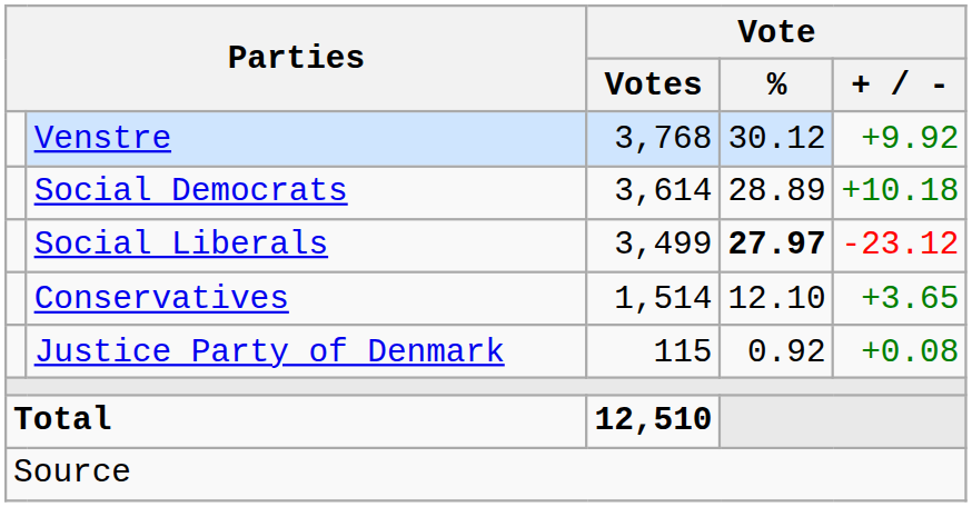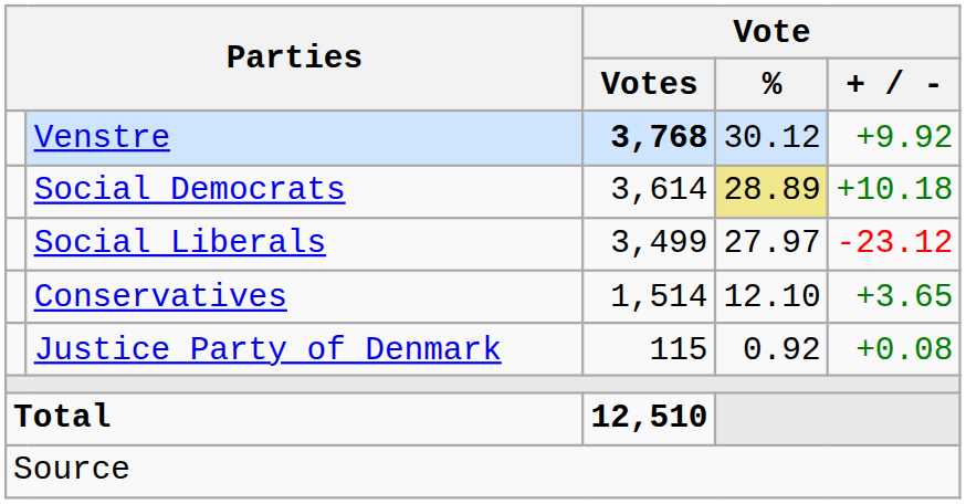 <table class="wikitable" style="text-align:right;">
 <tr>
 <th style="text-align:centre;" rowspan="2" colspan="2" width="225">Parties</th>
 <th colspan="3">Vote</th>
 </tr>
 <tr>
 <th width="15">Votes</th>
 <th width="15">%</th>
 <th width="15">+ / -</th>
 </tr>
 <tr>
 <td width="2" style="color:inherit;background:"></td>
 <td bgcolor=#cfe5fe  align="left"><a href='#'>Venstre</a></td>
-<td bgcolor=#cfe5fe>3,768</td>
+<td bgcolor=#cfe5fe><strong>3,768</strong></td>
 <td bgcolor=#cfe5fe>30.12</td>
 <td style=color:green;>+9.92</td>
 </tr>
 <tr>
 <td width="2" style="color:inherit;background:"></td>
 <td align="left"><a href='#'>Social Democrats</a></td>
 <td>3,614</td>
-<td>28.89</td>
+<td style="background: khaki;">28.89</td>
 <td style=color:green;>+10.18</td>
 </tr>
 <tr>
 <td width="2" style="color:inherit;background:"></td>
 <td align="left"><a href='#'>Social Liberals</a></td>
 <td>3,499</td>
-<td><strong>27.97</strong></td>
+<td>27.97</td>
 <td style=color:red;>-23.12</td>
 </tr>
 <tr>
 <td width="2" style="color:inherit;background:"></td>
 <td align="left"><a href='#'>Conservatives</a></td>
 <td>1,514</td>
 <td>12.10</td>
 <td style=color:green;>+3.65</td>
 </tr>
 <tr>
 <td width="2" style="color:inherit;background:"></td>
 <td align="left"><a href='#'>Justice Party of Denmark</a></td>
 <td>115</td>
 <td>0.92</td>
 <td style=color:green;>+0.08</td>
 </tr>
 <tr>
 <td colspan="7" bgcolor="#E9E9E9"></td>
 </tr>
 <tr>
 <td align="left" colspan="2"><strong>Total</strong></td>
 <td><strong>12,510</strong></td>
 <td bgcolor="#E9E9E9" colspan="2"></td>
 </tr>
 <tr>
 <td align="left" colspan="6">Source</td>
 </tr>
 </table>
